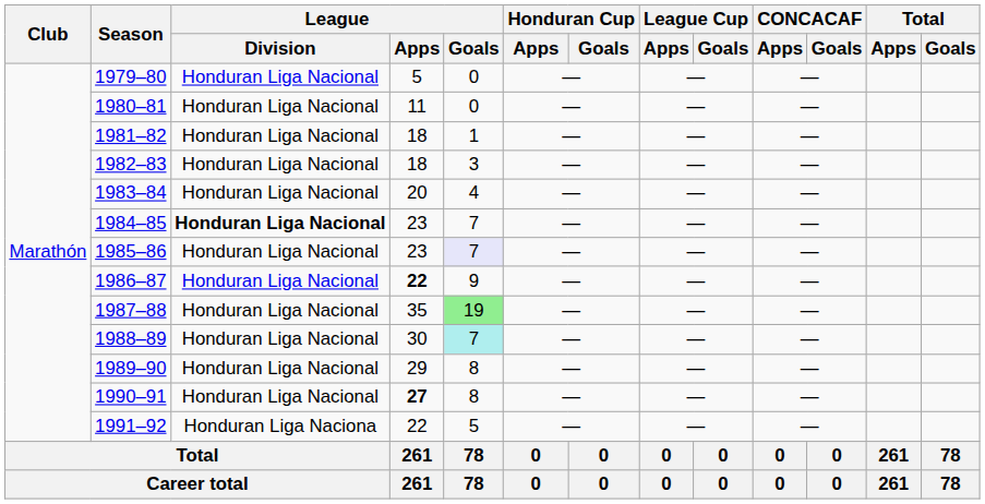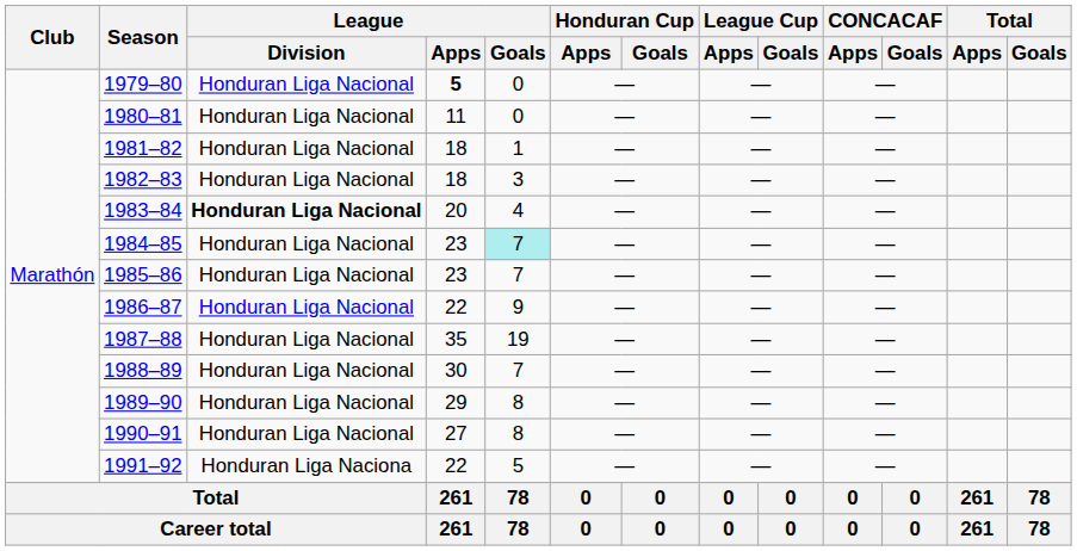 <table class="wikitable" style="text-align: center;">
 <tr>
 <th rowspan="2">Club</th>
 <th rowspan="2">Season</th>
 <th colspan="3">League</th>
 <th colspan="2">Honduran Cup</th>
 <th colspan="2">League Cup</th>
 <th colspan="2">CONCACAF</th>
 <th colspan="2">Total</th>
 </tr>
 <tr>
 <th>Division</th>
 <th>Apps</th>
 <th>Goals</th>
 <th>Apps</th>
 <th>Goals</th>
 <th>Apps</th>
 <th>Goals</th>
 <th>Apps</th>
 <th>Goals</th>
 <th>Apps</th>
 <th>Goals</th>
 </tr>
 <tr>
 <td rowspan="13"><a href='#'>Marathón</a></td>
 <td><a href='#'>1979–80</a></td>
 <td><a href='#'>Honduran Liga Nacional</a></td>
-<td>5</td>
+<td><strong>5</strong></td>
 <td>0</td>
 <td colspan="2">—</td>
 <td colspan="2">—</td>
 <td colspan="2">—</td>
 <td></td>
 <td></td>
 </tr>
 <tr>
 <td><a href='#'>1980–81</a></td>
 <td>Honduran Liga Nacional</td>
 <td>11</td>
 <td>0</td>
 <td colspan="2">—</td>
 <td colspan="2">—</td>
 <td colspan="2">—</td>
 <td></td>
 <td></td>
 </tr>
 <tr>
 <td><a href='#'>1981–82</a></td>
 <td>Honduran Liga Nacional</td>
 <td>18</td>
 <td>1</td>
 <td colspan="2">—</td>
 <td colspan="2">—</td>
 <td colspan="2">—</td>
 <td></td>
 <td></td>
 </tr>
 <tr>
 <td><a href='#'>1982–83</a></td>
 <td>Honduran Liga Nacional</td>
 <td>18</td>
 <td>3</td>
 <td colspan="2">—</td>
 <td colspan="2">—</td>
 <td colspan="2">—</td>
 <td></td>
 <td></td>
 </tr>
 <tr>
 <td><a href='#'>1983–84</a></td>
-<td>Honduran Liga Nacional</td>
+<td><strong>Honduran Liga Nacional</strong></td>
 <td>20</td>
 <td>4</td>
 <td colspan="2">—</td>
 <td colspan="2">—</td>
 <td colspan="2">—</td>
 <td></td>
 <td></td>
 </tr>
 <tr>
 <td><a href='#'>1984–85</a></td>
-<td><strong>Honduran Liga Nacional</strong></td>
+<td>Honduran Liga Nacional</td>
 <td>23</td>
-<td>7</td>
+<td style="background: paleturquoise;">7</td>
 <td colspan="2">—</td>
 <td colspan="2">—</td>
 <td colspan="2">—</td>
 <td></td>
 <td></td>
 </tr>
 <tr>
 <td><a href='#'>1985–86</a></td>
 <td>Honduran Liga Nacional</td>
 <td>23</td>
-<td style="background: lavender;">7</td>
+<td>7</td>
 <td colspan="2">—</td>
 <td colspan="2">—</td>
 <td colspan="2">—</td>
 <td></td>
 <td></td>
 </tr>
 <tr>
 <td><a href='#'>1986–87</a></td>
 <td><a href='#'>Honduran Liga Nacional</a></td>
-<td><strong>22</strong></td>
+<td>22</td>
 <td>9</td>
 <td colspan="2">—</td>
 <td colspan="2">—</td>
 <td colspan="2">—</td>
 <td></td>
 <td></td>
 </tr>
 <tr>
 <td><a href='#'>1987–88</a></td>
 <td>Honduran Liga Nacional</td>
 <td>35</td>
-<td style="background: lightgreen;">19</td>
+<td>19</td>
 <td colspan="2">—</td>
 <td colspan="2">—</td>
 <td colspan="2">—</td>
 <td></td>
 <td></td>
 </tr>
 <tr>
 <td><a href='#'>1988–89</a></td>
 <td>Honduran Liga Nacional</td>
 <td>30</td>
-<td style="background: paleturquoise;">7</td>
+<td>7</td>
 <td colspan="2">—</td>
 <td colspan="2">—</td>
 <td colspan="2">—</td>
 <td></td>
 <td></td>
 </tr>
 <tr>
 <td><a href='#'>1989–90</a></td>
 <td>Honduran Liga Nacional</td>
 <td>29</td>
 <td>8</td>
 <td colspan="2">—</td>
 <td colspan="2">—</td>
 <td colspan="2">—</td>
 <td></td>
 <td></td>
 </tr>
 <tr>
 <td><a href='#'>1990–91</a></td>
 <td>Honduran Liga Nacional</td>
-<td><strong>27</strong></td>
+<td>27</td>
 <td>8</td>
 <td colspan="2">—</td>
 <td colspan="2">—</td>
 <td colspan="2">—</td>
 <td></td>
 <td></td>
 </tr>
 <tr>
 <td><a href='#'>1991–92</a></td>
 <td>Honduran Liga Naciona</td>
 <td>22</td>
 <td>5</td>
 <td colspan="2">—</td>
 <td colspan="2">—</td>
 <td colspan="2">—</td>
 <td></td>
 <td></td>
 </tr>
 <tr>
 <th colspan="3">Total</th>
 <th>261</th>
 <th>78</th>
 <th>0</th>
 <th>0</th>
 <th>0</th>
 <th>0</th>
 <th>0</th>
 <th>0</th>
 <th>261</th>
 <th>78</th>
 </tr>
 <tr>
 <th colspan="3">Career total</th>
 <th>261</th>
 <th>78</th>
 <th>0</th>
 <th>0</th>
 <th>0</th>
 <th>0</th>
 <th>0</th>
 <th>0</th>
 <th>261</th>
 <th>78</th>
 </tr>
 </table>
